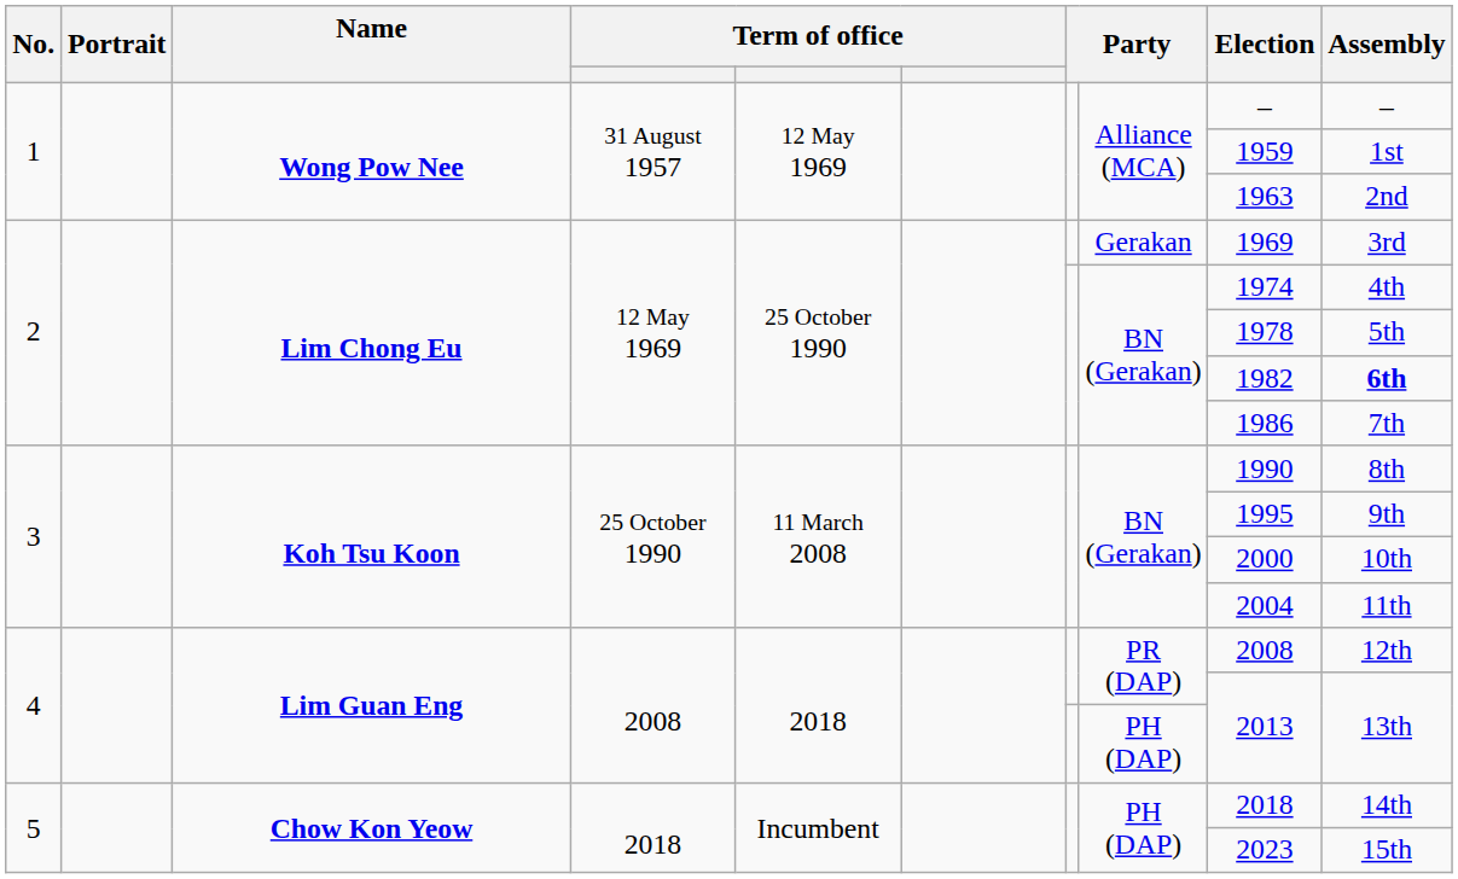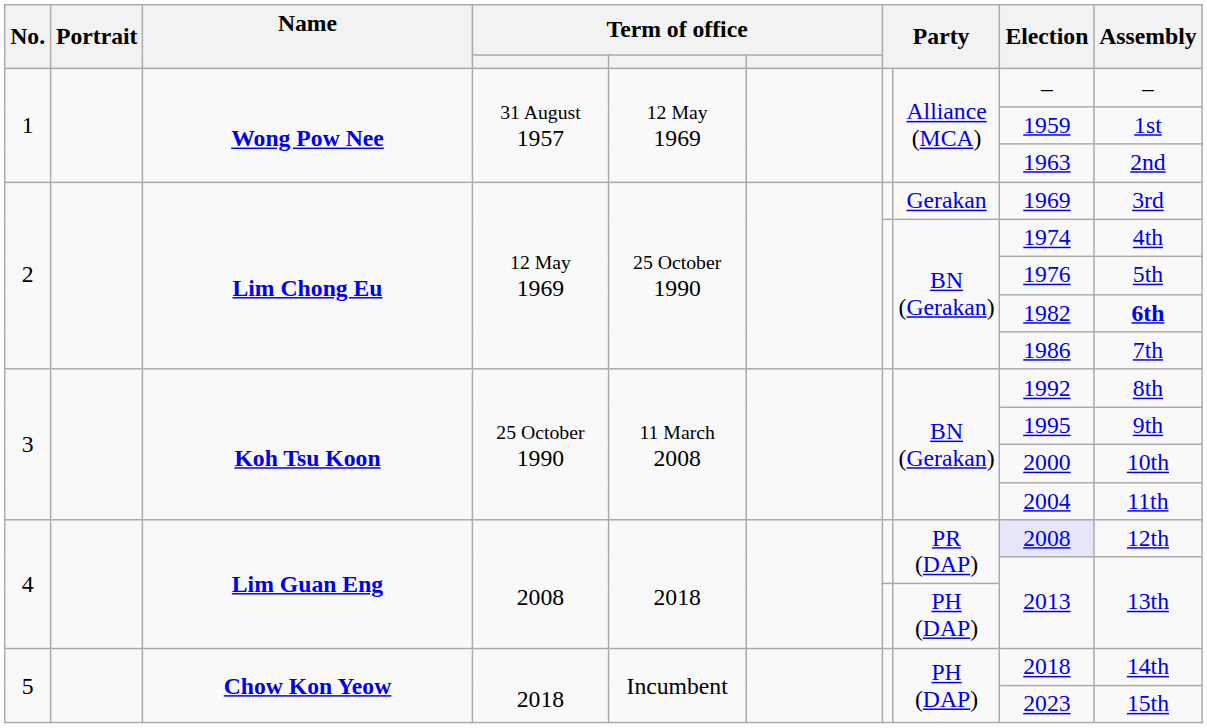 <table class="wikitable" style="text-align:center; border:1px #aaf solid;">
 <tr>
 <th rowspan="2">No.</th>
 <th rowspan="2">Portrait</th>
 <th rowspan="2" width="215">Name<br><br></th>
 <th colspan=3>Term of office</th>
 <th colspan="2" rowspan="2">Party</th>
 <th rowspan="2">Election</th>
 <th rowspan="2">Assembly</th>
 </tr>
 <tr>
 <th width="85"></th>
 <th width="85"></th>
 <th width="85"></th>
 </tr>
 <tr>
 <td rowspan="3">1</td>
 <td rowspan="3"></td>
 <td rowspan="3"><br><strong><a href='#'>Wong Pow Nee</a></strong><br></td>
 <td rowspan="3"><small>31 August</small><br>1957</td>
 <td rowspan="3"><small>12 May</small><br>1969</td>
 <td rowspan="3"></td>
 <td rowspan="3" style="background:"></td>
 <td rowspan="3"><a href='#'>Alliance</a><br>(<a href='#'>MCA</a>)</td>
 <td>–</td>
 <td>–</td>
 </tr>
 <tr>
 <td><a href='#'>1959</a></td>
 <td><a href='#'>1st</a></td>
 </tr>
 <tr>
 <td><a href='#'>1963</a></td>
 <td><a href='#'>2nd</a></td>
 </tr>
 <tr>
 <td rowspan="5">2</td>
 <td rowspan="5"></td>
 <td rowspan="5"><br><strong><a href='#'>Lim Chong Eu</a></strong><br></td>
 <td rowspan="5"><small>12 May</small><br>1969</td>
 <td rowspan="5"><small>25 October</small><br>1990</td>
 <td rowspan="5"></td>
 <td style="background:"></td>
 <td><a href='#'>Gerakan</a></td>
 <td><a href='#'>1969</a></td>
 <td><a href='#'>3rd</a></td>
 </tr>
 <tr>
 <td rowspan="4" style="background:"></td>
 <td rowspan="4"><a href='#'>BN</a><br>(<a href='#'>Gerakan</a>)</td>
 <td><a href='#'>1974</a></td>
 <td><a href='#'>4th</a></td>
 </tr>
 <tr>
-<td><a href='#'>1978</a></td>
+<td><a href='#'>1976</a></td>
 <td><a href='#'>5th</a></td>
 </tr>
 <tr>
 <td><a href='#'>1982</a></td>
 <td><strong><a href='#'>6th</a></strong></td>
 </tr>
 <tr>
 <td><a href='#'>1986</a></td>
 <td><a href='#'>7th</a></td>
 </tr>
 <tr>
 <td rowspan="4">3</td>
 <td rowspan="4"></td>
 <td rowspan="4"><br><strong><a href='#'>Koh Tsu Koon</a></strong><br></td>
 <td rowspan="4"><small>25 October</small><br>1990</td>
 <td rowspan="4"><small>11 March</small><br>2008</td>
 <td rowspan="4"></td>
 <td rowspan="4" style="background:"></td>
 <td rowspan="4"><a href='#'>BN</a><br>(<a href='#'>Gerakan</a>)</td>
-<td><a href='#'>1990</a></td>
+<td><a href='#'>1992</a></td>
 <td><a href='#'>8th</a></td>
 </tr>
 <tr>
 <td><a href='#'>1995</a></td>
 <td><a href='#'>9th</a></td>
 </tr>
 <tr>
 <td><a href='#'>2000</a></td>
 <td><a href='#'>10th</a></td>
 </tr>
 <tr>
 <td><a href='#'>2004</a></td>
 <td><a href='#'>11th</a></td>
 </tr>
 <tr>
 <td rowspan="3">4</td>
 <td rowspan="3"></td>
 <td rowspan="3"><strong><a href='#'>Lim Guan Eng</a></strong><br></td>
 <td rowspan="3"><br>2008</td>
 <td rowspan="3"><br>2018</td>
 <td rowspan="3"></td>
 <td rowspan="2" style="background:"></td>
 <td rowspan="2"><a href='#'>PR</a><br>(<a href='#'>DAP</a>)</td>
-<td><a href='#'>2008</a></td>
+<td style="background: lavender;"><a href='#'>2008</a></td>
 <td><a href='#'>12th</a></td>
 </tr>
 <tr>
 <td rowspan="2"><a href='#'>2013</a></td>
 <td rowspan="2"><a href='#'>13th</a></td>
 </tr>
 <tr>
 <td style="background:"></td>
 <td><a href='#'>PH</a><br>(<a href='#'>DAP</a>)</td>
 </tr>
 <tr>
 <td rowspan="2">5</td>
 <td rowspan="2"></td>
 <td rowspan="2"><strong><a href='#'>Chow Kon Yeow</a></strong><br></td>
 <td rowspan="2"><br>2018</td>
 <td rowspan="2">Incumbent</td>
 <td rowspan="2"></td>
 <td rowspan="2" style="background:"></td>
 <td rowspan="2"><a href='#'>PH</a><br>(<a href='#'>DAP</a>)</td>
 <td><a href='#'>2018</a></td>
 <td><a href='#'>14th</a></td>
 </tr>
 <tr>
 <td><a href='#'>2023</a></td>
 <td><a href='#'>15th</a></td>
 </tr>
 </table>
